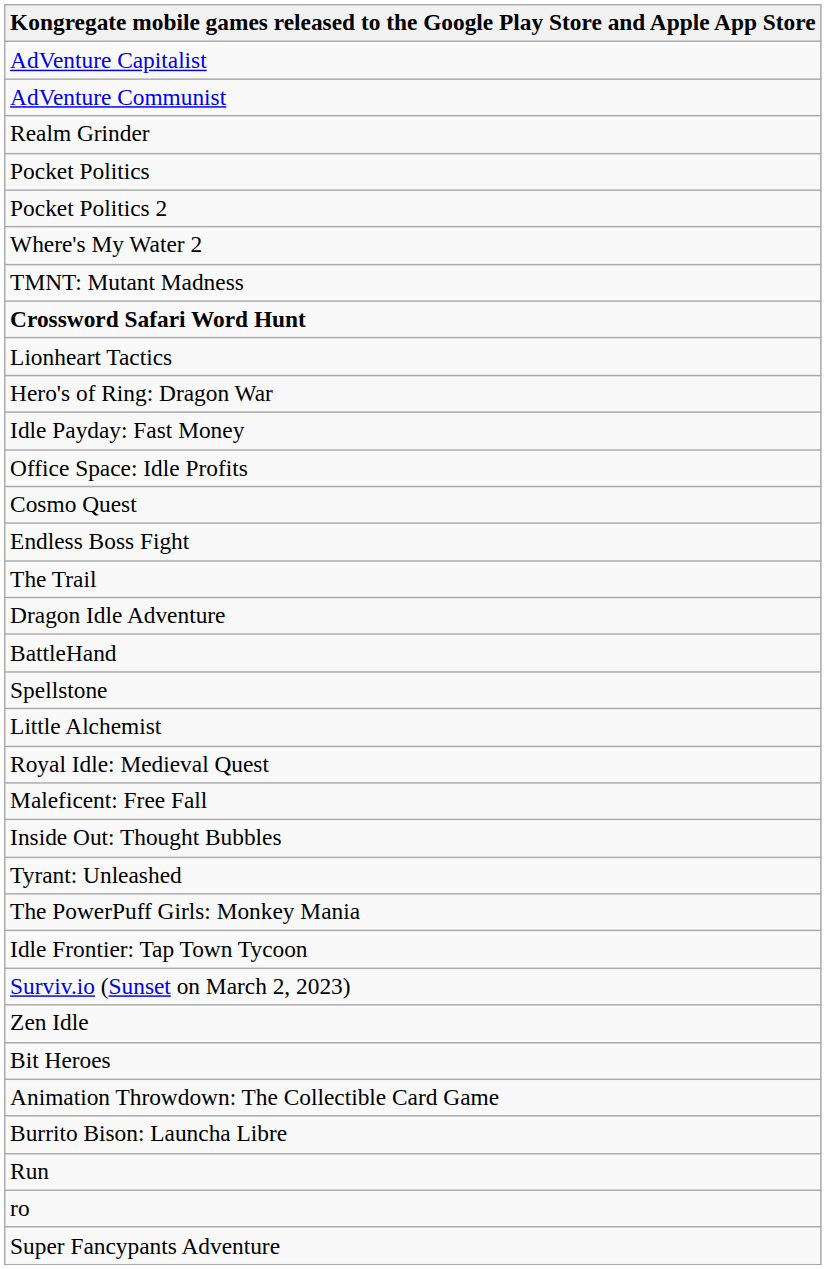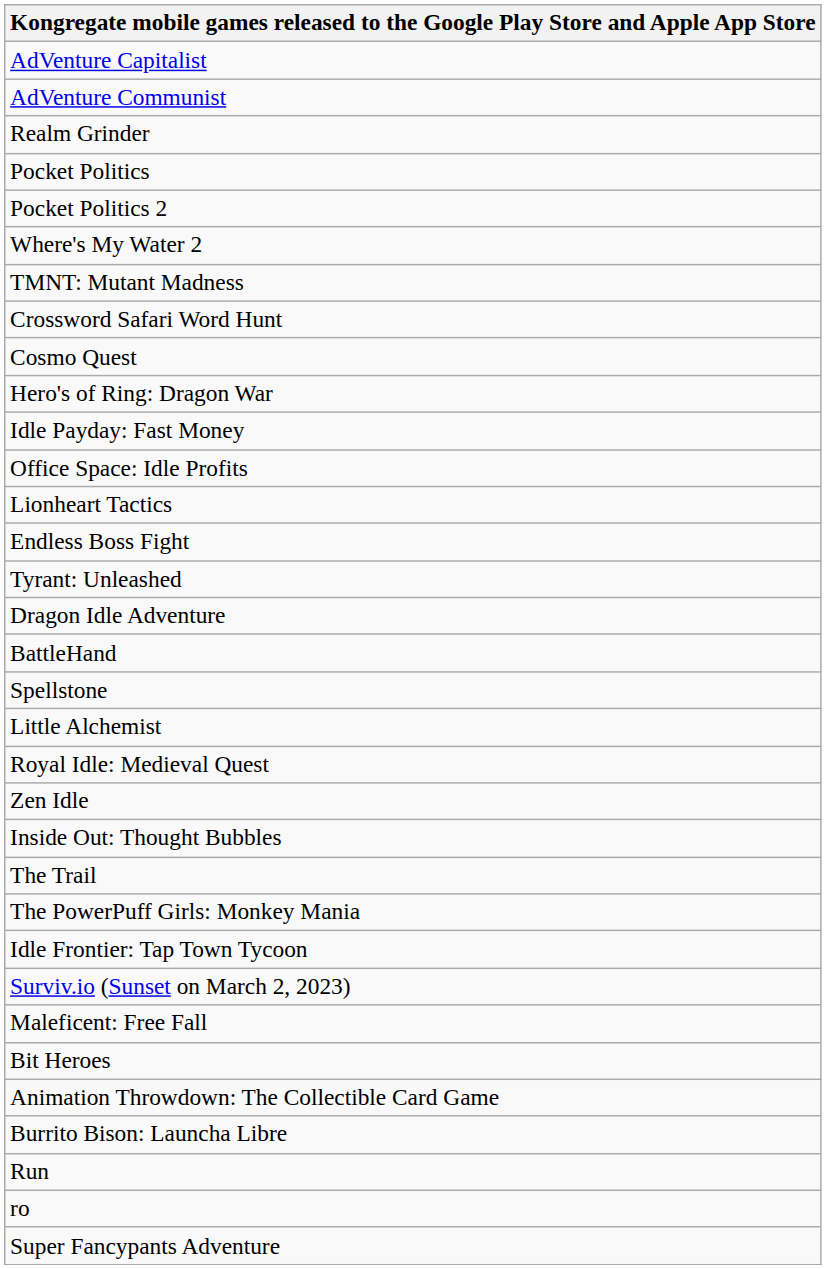 <table class="wikitable sortable mw-collapsible">
 <tr>
 <th>Kongregate mobile games released to the Google Play Store and Apple App Store</th>
 </tr>
 <tr>
 <td><a href='#'>AdVenture Capitalist</a></td>
 </tr>
 <tr>
 <td><a href='#'>AdVenture Communist</a></td>
 </tr>
 <tr>
 <td>Realm Grinder</td>
 </tr>
 <tr>
 <td>Pocket Politics</td>
 </tr>
 <tr>
 <td>Pocket Politics 2</td>
 </tr>
 <tr>
 <td>Where's My Water 2</td>
 </tr>
 <tr>
 <td>TMNT: Mutant Madness</td>
 </tr>
 <tr>
-<td><strong>Crossword Safari Word Hunt</strong></td>
+<td>Crossword Safari Word Hunt</td>
 </tr>
 <tr>
-<td>Lionheart Tactics</td>
+<td>Cosmo Quest</td>
 </tr>
 <tr>
 <td>Hero's of Ring: Dragon War</td>
 </tr>
 <tr>
 <td>Idle Payday: Fast Money</td>
 </tr>
 <tr>
 <td>Office Space: Idle Profits</td>
 </tr>
 <tr>
-<td>Cosmo Quest</td>
+<td>Lionheart Tactics</td>
 </tr>
 <tr>
 <td>Endless Boss Fight</td>
 </tr>
 <tr>
-<td>The Trail</td>
+<td>Tyrant: Unleashed</td>
 </tr>
 <tr>
 <td>Dragon Idle Adventure</td>
 </tr>
 <tr>
 <td>BattleHand</td>
 </tr>
 <tr>
 <td>Spellstone</td>
 </tr>
 <tr>
 <td>Little Alchemist</td>
 </tr>
 <tr>
 <td>Royal Idle: Medieval Quest</td>
 </tr>
 <tr>
-<td>Maleficent: Free Fall</td>
+<td>Zen Idle</td>
 </tr>
 <tr>
 <td>Inside Out: Thought Bubbles</td>
 </tr>
 <tr>
-<td>Tyrant: Unleashed</td>
+<td>The Trail</td>
 </tr>
 <tr>
 <td>The PowerPuff Girls: Monkey Mania</td>
 </tr>
 <tr>
 <td>Idle Frontier: Tap Town Tycoon</td>
 </tr>
 <tr>
 <td><a href='#'>Surviv.io</a> (<a href='#'>Sunset</a> on March 2, 2023)</td>
 </tr>
 <tr>
-<td>Zen Idle</td>
+<td>Maleficent: Free Fall</td>
 </tr>
 <tr>
 <td>Bit Heroes</td>
 </tr>
 <tr>
 <td>Animation Throwdown: The Collectible Card Game</td>
 </tr>
 <tr>
 <td>Burrito Bison: Launcha Libre</td>
 </tr>
 <tr>
 <td>Run</td>
 </tr>
 <tr>
 <td>ro</td>
 </tr>
 <tr>
 <td>Super Fancypants Adventure</td>
 </tr>
 </table>
